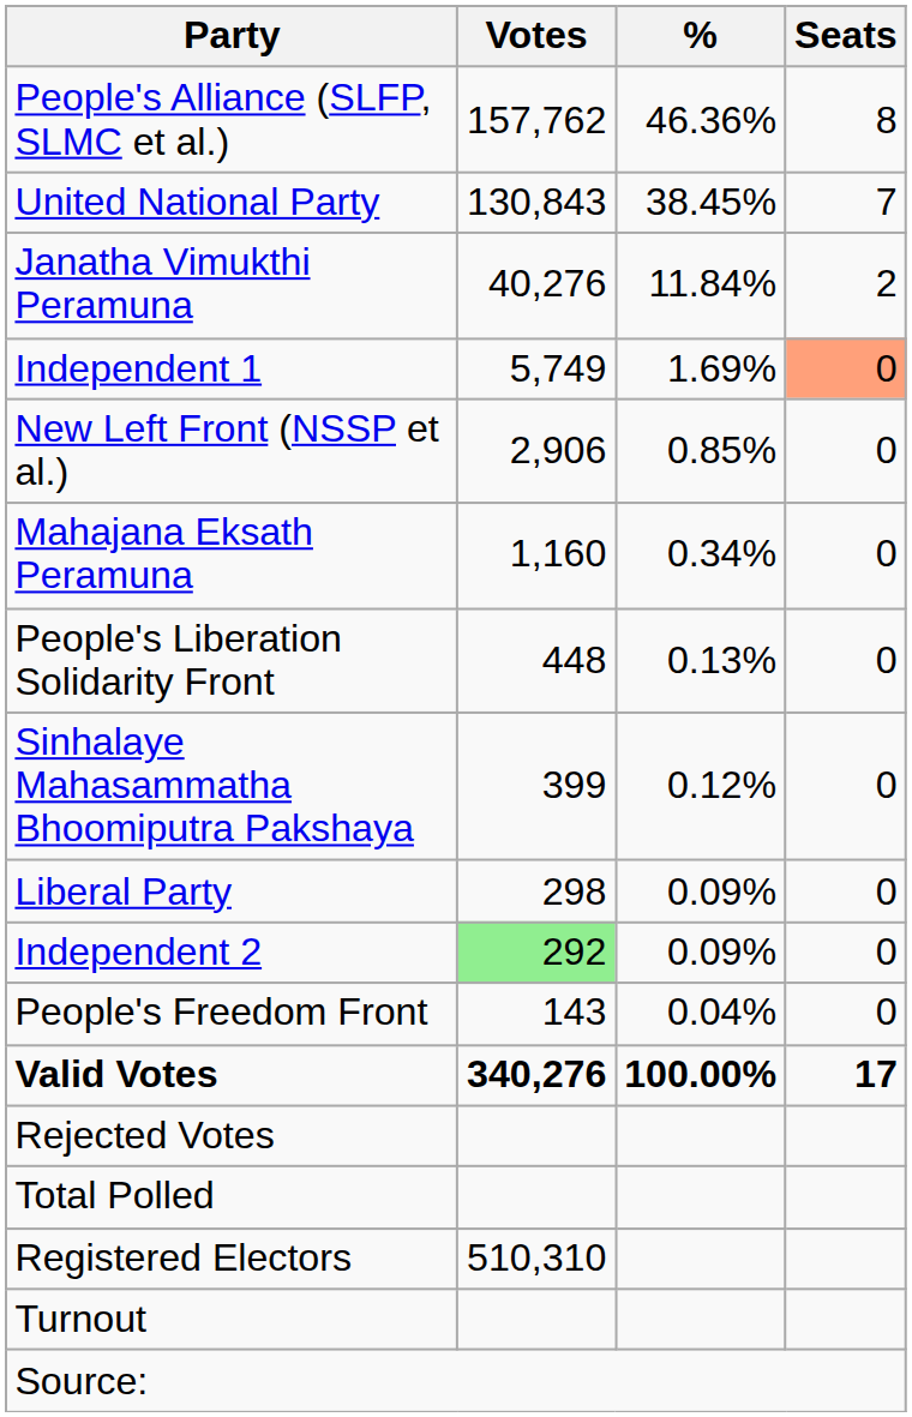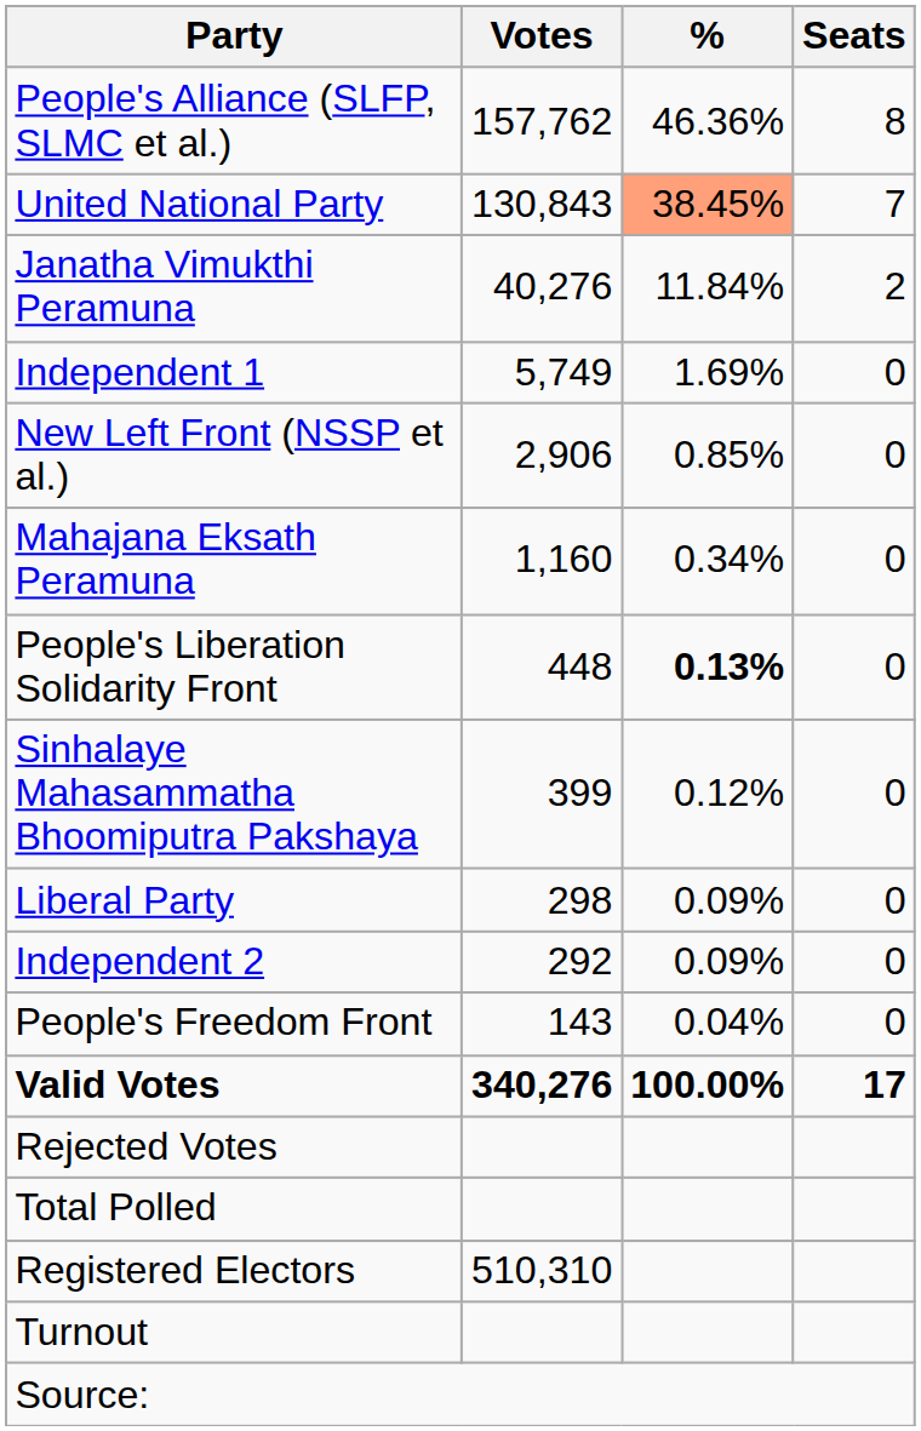 <table class="wikitable" border="1" style="text-align:right;">
 <tr>
 <th align=left width="180">Party</th>
 <th align=center width="50">Votes</th>
 <th align=center width="50">%</th>
 <th align=center width="40">Seats</th>
 </tr>
 <tr>
 <td align=left><a href='#'>People's Alliance</a> (<a href='#'>SLFP</a>, <a href='#'>SLMC</a> et al.)</td>
 <td>157,762</td>
 <td>46.36%</td>
 <td>8</td>
 </tr>
 <tr>
 <td align=left><a href='#'>United National Party</a></td>
 <td>130,843</td>
-<td>38.45%</td>
+<td style="background: lightsalmon;">38.45%</td>
 <td>7</td>
 </tr>
 <tr>
 <td align=left><a href='#'>Janatha Vimukthi Peramuna</a></td>
 <td>40,276</td>
 <td>11.84%</td>
 <td>2</td>
 </tr>
 <tr>
 <td align=left><a href='#'>Independent 1</a></td>
 <td>5,749</td>
 <td>1.69%</td>
-<td style="background: lightsalmon;">0</td>
+<td>0</td>
 </tr>
 <tr>
 <td align=left><a href='#'>New Left Front</a> (<a href='#'>NSSP</a> et al.)</td>
 <td>2,906</td>
 <td>0.85%</td>
 <td>0</td>
 </tr>
 <tr>
 <td align=left><a href='#'>Mahajana Eksath Peramuna</a></td>
 <td>1,160</td>
 <td>0.34%</td>
 <td>0</td>
 </tr>
 <tr>
 <td align=left>People's Liberation Solidarity Front</td>
 <td>448</td>
-<td>0.13%</td>
+<td><strong>0.13%</strong></td>
 <td>0</td>
 </tr>
 <tr>
 <td align=left><a href='#'>Sinhalaye Mahasammatha Bhoomiputra Pakshaya</a></td>
 <td>399</td>
 <td>0.12%</td>
 <td>0</td>
 </tr>
 <tr>
 <td align=left><a href='#'>Liberal Party</a></td>
 <td>298</td>
 <td>0.09%</td>
 <td>0</td>
 </tr>
 <tr>
 <td align=left><a href='#'>Independent 2</a></td>
-<td style="background: lightgreen;">292</td>
+<td>292</td>
 <td>0.09%</td>
 <td>0</td>
 </tr>
 <tr>
 <td align=left>People's Freedom Front</td>
 <td>143</td>
 <td>0.04%</td>
 <td>0</td>
 </tr>
 <tr>
 <td align=left><strong>Valid Votes</strong></td>
 <td><strong>340,276</strong></td>
 <td><strong>100.00%</strong></td>
 <td><strong>17</strong></td>
 </tr>
 <tr>
 <td align=left>Rejected Votes</td>
 <td></td>
 <td></td>
 <td></td>
 </tr>
 <tr>
 <td align=left>Total Polled</td>
 <td></td>
 <td></td>
 <td></td>
 </tr>
 <tr>
 <td align=left>Registered Electors</td>
 <td>510,310</td>
 <td></td>
 <td></td>
 </tr>
 <tr>
 <td align=left>Turnout</td>
 <td></td>
 <td></td>
 <td></td>
 </tr>
 <tr>
 <td align=left colspan=4>Source:</td>
 </tr>
 </table>
